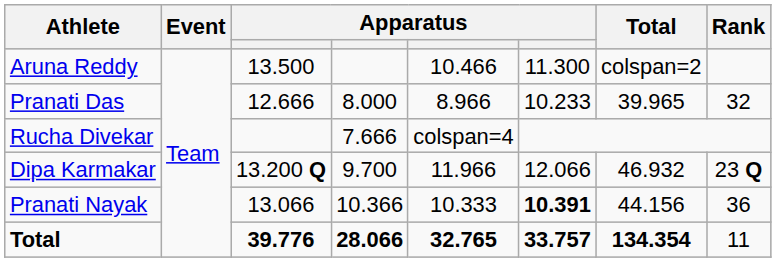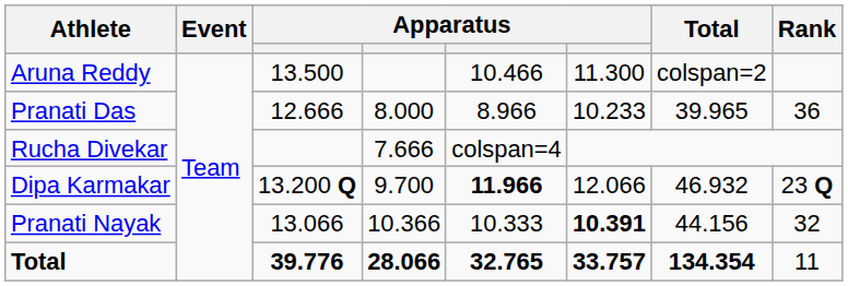 <table class=wikitable style="text-align:center; font-size:90%">
 <tr>
 <th rowspan=2>Athlete</th>
 <th rowspan=2>Event</th>
 <th colspan=4>Apparatus</th>
 <th rowspan=2>Total</th>
 <th rowspan=2>Rank</th>
 </tr>
 <tr style="font-size:95%">
 <th></th>
 <th></th>
 <th></th>
 <th></th>
 </tr>
 <tr>
 <td align=left><a href='#'>Aruna Reddy</a></td>
 <td align=left rowspan="6"><a href='#'>Team</a></td>
 <td>13.500</td>
 <td></td>
 <td>10.466</td>
 <td>11.300</td>
 <td>colspan=2 </td>
 </tr>
 <tr>
 <td align=left><a href='#'>Pranati Das</a></td>
 <td>12.666</td>
 <td>8.000</td>
 <td>8.966</td>
 <td>10.233</td>
 <td>39.965</td>
-<td>32</td>
+<td>36</td>
 </tr>
 <tr>
 <td align=left><a href='#'>Rucha Divekar</a></td>
 <td></td>
 <td>7.666</td>
 <td>colspan=4 </td>
 </tr>
 <tr>
 <td align=left><a href='#'>Dipa Karmakar</a></td>
 <td>13.200 <strong>Q</strong></td>
 <td>9.700</td>
-<td>11.966</td>
+<td><strong>11.966</strong></td>
 <td>12.066</td>
 <td>46.932</td>
 <td>23 <strong>Q</strong></td>
 </tr>
 <tr>
 <td align=left><a href='#'>Pranati Nayak</a></td>
 <td>13.066</td>
 <td>10.366</td>
 <td>10.333</td>
 <td><strong>10.391</strong></td>
 <td>44.156</td>
-<td>36</td>
+<td>32</td>
 </tr>
 <tr>
 <td align=left><strong>Total</strong></td>
 <td><strong>39.776</strong></td>
 <td><strong>28.066</strong></td>
 <td><strong>32.765</strong></td>
 <td><strong>33.757</strong></td>
 <td><strong>134.354</strong></td>
 <td>11</td>
 </tr>
 </table>
